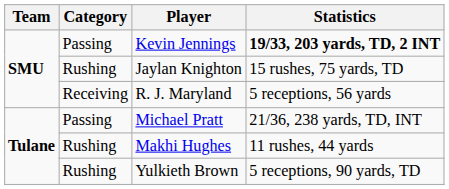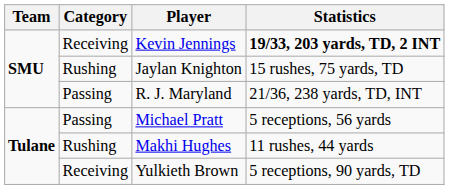 <table class="wikitable" style="float: right;">
 <tr>
 <th>Team</th>
 <th>Category</th>
 <th>Player</th>
 <th>Statistics</th>
 </tr>
 <tr>
 <td rowspan=3><strong>SMU</strong></td>
-<td>Passing</td>
+<td>Receiving</td>
 <td><a href='#'>Kevin Jennings</a></td>
 <td><strong>19/33, 203 yards, TD, 2 INT</strong></td>
 </tr>
 <tr>
 <td>Rushing</td>
 <td>Jaylan Knighton</td>
 <td>15 rushes, 75 yards, TD</td>
 </tr>
 <tr>
-<td>Receiving</td>
+<td>Passing</td>
 <td>R. J. Maryland</td>
-<td>5 receptions, 56 yards</td>
+<td>21/36, 238 yards, TD, INT</td>
 </tr>
 <tr>
 <td rowspan=3><strong>Tulane</strong></td>
 <td>Passing</td>
 <td><a href='#'>Michael Pratt</a></td>
-<td>21/36, 238 yards, TD, INT</td>
+<td>5 receptions, 56 yards</td>
 </tr>
 <tr>
 <td>Rushing</td>
 <td><a href='#'>Makhi Hughes</a></td>
 <td>11 rushes, 44 yards</td>
 </tr>
 <tr>
-<td>Rushing</td>
+<td>Receiving</td>
 <td>Yulkieth Brown</td>
 <td>5 receptions, 90 yards, TD</td>
 </tr>
 </table>
